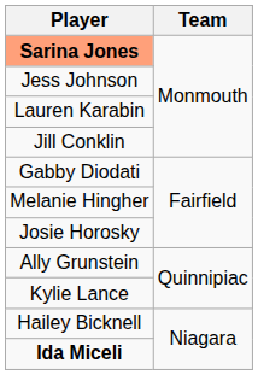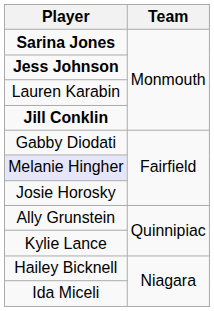 <table class="wikitable" style="text-align: center;">
 <tr>
 <th>Player</th>
 <th>Team</th>
 </tr>
 <tr>
-<td style="background: lightsalmon;"><strong>Sarina Jones</strong></td>
+<td><strong>Sarina Jones</strong></td>
 <td rowspan=4>Monmouth</td>
 </tr>
 <tr>
-<td>Jess Johnson</td>
+<td><strong>Jess Johnson</strong></td>
 </tr>
 <tr>
 <td>Lauren Karabin</td>
 </tr>
 <tr>
-<td>Jill Conklin</td>
+<td><strong>Jill Conklin</strong></td>
 </tr>
 <tr>
 <td>Gabby Diodati</td>
 <td rowspan=3>Fairfield</td>
 </tr>
 <tr>
-<td>Melanie Hingher</td>
+<td style="background: lavender;">Melanie Hingher</td>
 </tr>
 <tr>
 <td>Josie Horosky</td>
 </tr>
 <tr>
 <td>Ally Grunstein</td>
 <td rowspan=2>Quinnipiac</td>
 </tr>
 <tr>
 <td>Kylie Lance</td>
 </tr>
 <tr>
 <td>Hailey Bicknell</td>
 <td rowspan=2>Niagara</td>
 </tr>
 <tr>
-<td><strong>Ida Miceli</strong></td>
+<td>Ida Miceli</td>
 </tr>
 </table>
